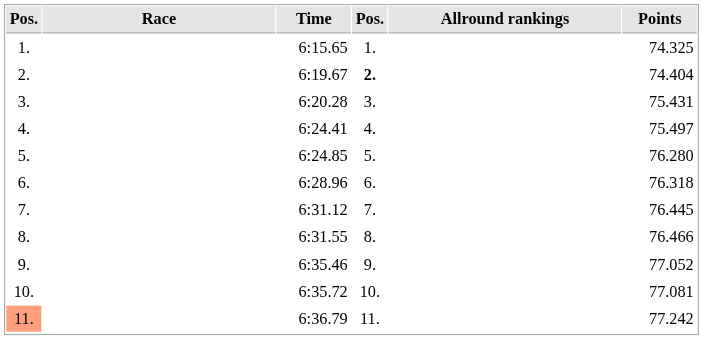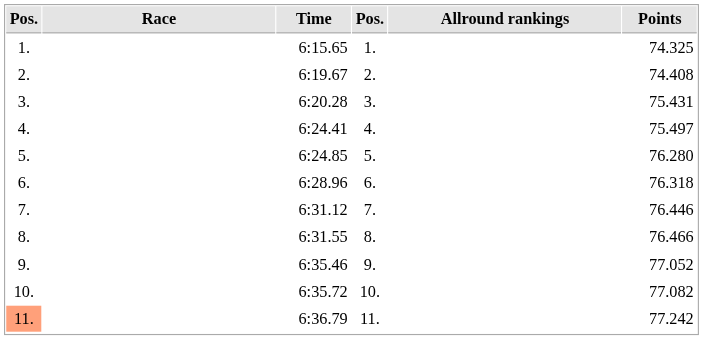 <table cellspacing="1" cellpadding="3" style="border:1px solid #AAAAAA;font-size:90%">
 <tr bgcolor="#E4E4E4">
 <th style="border-bottom:1px solid #AAAAAA" width=10>Pos.</th>
 <th style="border-bottom:1px solid #AAAAAA" width=200>Race</th>
 <th style="border-bottom:1px solid #AAAAAA" width=60>Time</th>
 <th style="border-bottom:1px solid #AAAAAA" width=10>Pos.</th>
 <th style="border-bottom:1px solid #AAAAAA" width=200>Allround rankings</th>
 <th style="border-bottom:1px solid #AAAAAA" width=60>Points</th>
 </tr>
 <tr>
 <td align="center">1.</td>
 <td></td>
 <td align="right">6:15.65</td>
 <td align="center">1.</td>
 <td></td>
 <td align="right">74.325</td>
 </tr>
 <tr>
 <td align="center">2.</td>
 <td></td>
 <td align="right">6:19.67</td>
-<td align="center"><strong>2.</strong></td>
+<td align="center">2.</td>
 <td></td>
-<td align="right">74.404</td>
+<td align="right">74.408</td>
 </tr>
 <tr>
 <td align="center">3.</td>
 <td></td>
 <td align="right">6:20.28</td>
 <td align="center">3.</td>
 <td></td>
 <td align="right">75.431</td>
 </tr>
 <tr>
 <td align="center">4.</td>
 <td></td>
 <td align="right">6:24.41</td>
 <td align="center">4.</td>
 <td></td>
 <td align="right">75.497</td>
 </tr>
 <tr>
 <td align="center">5.</td>
 <td></td>
 <td align="right">6:24.85</td>
 <td align="center">5.</td>
 <td></td>
 <td align="right">76.280</td>
 </tr>
 <tr>
 <td align="center">6.</td>
 <td></td>
 <td align="right">6:28.96</td>
 <td align="center">6.</td>
 <td></td>
 <td align="right">76.318</td>
 </tr>
 <tr>
 <td align="center">7.</td>
 <td></td>
 <td align="right">6:31.12</td>
 <td align="center">7.</td>
 <td></td>
-<td align="right">76.445</td>
+<td align="right">76.446</td>
 </tr>
 <tr>
 <td align="center">8.</td>
 <td></td>
 <td align="right">6:31.55</td>
 <td align="center">8.</td>
 <td></td>
 <td align="right">76.466</td>
 </tr>
 <tr>
 <td align="center">9.</td>
 <td></td>
 <td align="right">6:35.46</td>
 <td align="center">9.</td>
 <td></td>
 <td align="right">77.052</td>
 </tr>
 <tr>
 <td align="center">10.</td>
 <td></td>
 <td align="right">6:35.72</td>
 <td align="center">10.</td>
 <td></td>
-<td align="right">77.081</td>
+<td align="right">77.082</td>
 </tr>
 <tr>
 <td align="center" style="background: lightsalmon;">11.</td>
 <td></td>
 <td align="right">6:36.79</td>
 <td align="center">11.</td>
 <td></td>
 <td align="right">77.242</td>
 </tr>
 <tr>
 </tr>
 </table>
